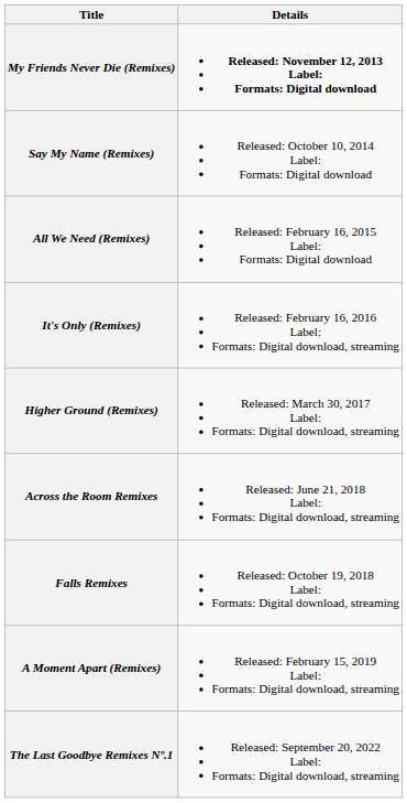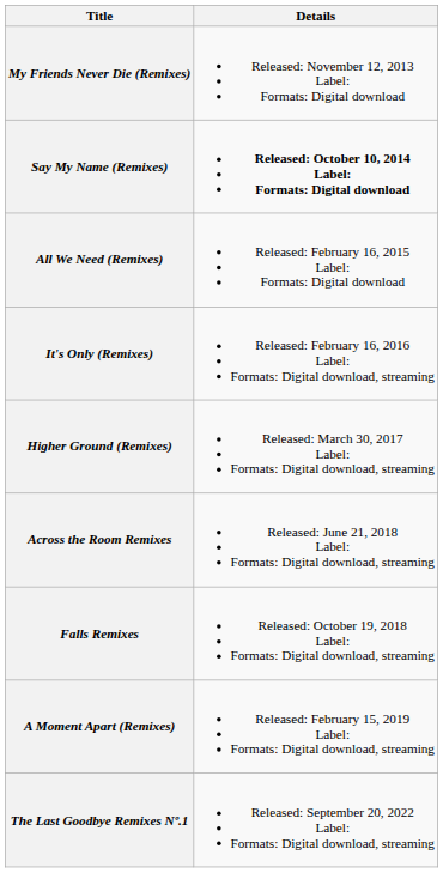 <table class="wikitable plainrowheaders" style="text-align:center;">
 <tr>
 <th>Title</th>
 <th>Details</th>
 </tr>
 <tr>
 <th scope="row"><em>My Friends Never Die (Remixes)</em></th>
-<td><strong><br><ul><li>Released: November 12, 2013</li><li>Label:</li><li>Formats: Digital download</li></ul></strong></td>
+<td><br><ul><li>Released: November 12, 2013</li><li>Label:</li><li>Formats: Digital download</li></ul></td>
 </tr>
 <tr>
 <th scope="row"><em>Say My Name (Remixes)</em></th>
-<td><br><ul><li>Released: October 10, 2014</li><li>Label:</li><li>Formats: Digital download</li></ul></td>
+<td><strong><br><ul><li>Released: October 10, 2014</li><li>Label:</li><li>Formats: Digital download</li></ul></strong></td>
 </tr>
 <tr>
 <th scope="row"><em>All We Need (Remixes)</em></th>
 <td><br><ul><li>Released: February 16, 2015</li><li>Label:</li><li>Formats: Digital download</li></ul></td>
 </tr>
 <tr>
 <th scope="row"><em>It's Only (Remixes)</em></th>
 <td><br><ul><li>Released: February 16, 2016</li><li>Label:</li><li>Formats: Digital download, streaming</li></ul></td>
 </tr>
 <tr>
 <th scope="row"><em>Higher Ground (Remixes)</em></th>
 <td><br><ul><li>Released: March 30, 2017</li><li>Label:</li><li>Formats: Digital download, streaming</li></ul></td>
 </tr>
 <tr>
 <th scope="row"><em>Across the Room Remixes</em></th>
 <td><br><ul><li>Released: June 21, 2018</li><li>Label:</li><li>Formats: Digital download, streaming</li></ul></td>
 </tr>
 <tr>
 <th scope="row"><em>Falls Remixes</em></th>
 <td><br><ul><li>Released: October 19, 2018</li><li>Label:</li><li>Formats: Digital download, streaming</li></ul></td>
 </tr>
 <tr>
 <th scope="row"><em>A Moment Apart (Remixes)</em></th>
 <td><br><ul><li>Released: February 15, 2019</li><li>Label:</li><li>Formats: Digital download, streaming</li></ul></td>
 </tr>
 <tr>
 <th scope="row"><em>The Last Goodbye Remixes Nº.1</em></th>
 <td><br><ul><li>Released: September 20, 2022</li><li>Label:</li><li>Formats: Digital download, streaming</li></ul></td>
 </tr>
 </table>
